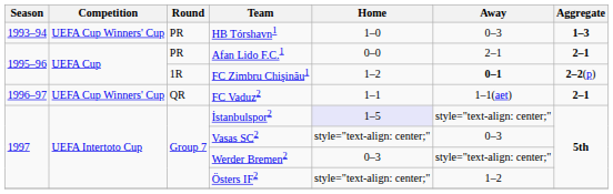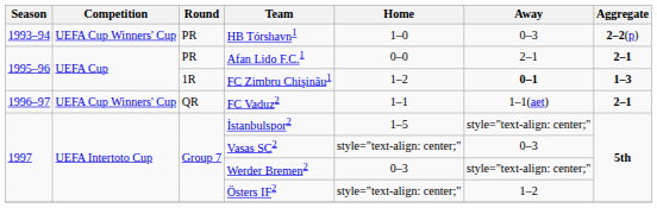 <table class="wikitable">
 <tr>
 <th>Season</th>
 <th>Competition</th>
 <th>Round</th>
 <th>Team</th>
 <th>Home</th>
 <th>Away</th>
 <th>Aggregate</th>
 </tr>
 <tr>
 <td><a href='#'>1993–94</a></td>
 <td><a href='#'>UEFA Cup Winners' Cup</a></td>
 <td>PR</td>
 <td> <a href='#'>HB Tórshavn</a><sup><a href='#'>1</a></sup></td>
 <td style="text-align: center;">1–0</td>
 <td style="text-align: center;">0–3</td>
-<td style="text-align: center;"><strong>1–3</strong></td>
+<td style="text-align: center;"><strong>2–2</strong>(<a href='#'>p</a>)</td>
 </tr>
 <tr>
 <td rowspan="2"><a href='#'>1995–96</a></td>
 <td rowspan="2"><a href='#'>UEFA Cup</a></td>
 <td>PR</td>
 <td> <a href='#'>Afan Lido F.C.</a><sup><a href='#'>1</a></sup></td>
 <td style="text-align: center;">0–0</td>
 <td style="text-align: center;">2–1</td>
 <td style="text-align: center;"><strong>2–1</strong></td>
 </tr>
 <tr>
 <td>1R</td>
 <td> <a href='#'>FC Zimbru Chişinău</a><sup><a href='#'>1</a></sup></td>
 <td style="text-align: center;">1–2</td>
 <td style="text-align: center;"><strong>0–1</strong></td>
-<td style="text-align: center;"><strong>2–2</strong>(<a href='#'>p</a>)</td>
+<td style="text-align: center;"><strong>1–3</strong></td>
 </tr>
 <tr>
 <td><a href='#'>1996–97</a></td>
 <td><a href='#'>UEFA Cup Winners' Cup</a></td>
 <td>QR</td>
 <td> <a href='#'>FC Vaduz</a><sup><a href='#'>2</a></sup></td>
 <td style="text-align: center;">1–1</td>
 <td style="text-align: center;">1–1(<a href='#'>aet</a>)</td>
 <td style="text-align: center;"><strong>2–1</strong></td>
 </tr>
 <tr>
 <td rowspan="4"><a href='#'>1997</a></td>
 <td rowspan="4"><a href='#'>UEFA Intertoto Cup</a></td>
 <td rowspan="4"><a href='#'>Group 7</a></td>
 <td> <a href='#'>İstanbulspor</a><sup><a href='#'>2</a></sup></td>
-<td style="background: lavender; text-align: center;">1–5</td>
+<td style="text-align: center;">1–5</td>
 <td>style="text-align: center;" </td>
 <td rowspan=4 style="text-align: center;"><strong>5th</strong></td>
 </tr>
 <tr>
 <td> <a href='#'>Vasas SC</a><sup><a href='#'>2</a></sup></td>
 <td>style="text-align: center;" </td>
 <td style="text-align: center;">0–3</td>
 </tr>
 <tr>
 <td> <a href='#'>Werder Bremen</a><sup><a href='#'>2</a></sup></td>
 <td style="text-align: center;">0–3</td>
 <td>style="text-align: center;" </td>
 </tr>
 <tr>
 <td> <a href='#'>Östers IF</a><sup><a href='#'>2</a></sup></td>
 <td>style="text-align: center;" </td>
 <td style="text-align: center;">1–2</td>
 </tr>
 <tr>
 </tr>
 </table>
